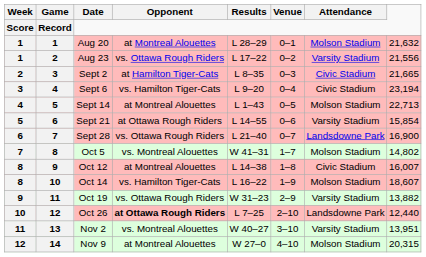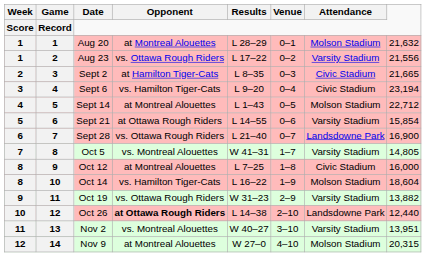 <table class="wikitable" style="text-align:center">
 <tr>
 <th>Week</th>
 <th>Game</th>
 <th>Date</th>
 <th>Opponent</th>
 <th>Results</th>
 <th>Venue</th>
 <th>Attendance</th>
 </tr>
 <tr>
 <th>Score</th>
 <th>Record</th>
 </tr>
 <tr style="background:#ffbbbb">
 <th>1</th>
 <th>1</th>
 <td>Aug 20</td>
 <td>at <a href='#'>Montreal Alouettes</a></td>
 <td>L 28–29</td>
 <td>0–1</td>
 <td><a href='#'>Molson Stadium</a></td>
 <td>21,632</td>
 </tr>
 <tr style="background:#ffbbbb">
 <th>1</th>
 <th>2</th>
 <td>Aug 23</td>
 <td>vs. <a href='#'>Ottawa Rough Riders</a></td>
 <td>L 17–22</td>
 <td>0–2</td>
 <td><a href='#'>Varsity Stadium</a></td>
 <td>21,556</td>
 </tr>
 <tr style="background:#ffbbbb">
 <th>2</th>
 <th>3</th>
 <td>Sept 2</td>
 <td>at <a href='#'>Hamilton Tiger-Cats</a></td>
 <td>L 8–35</td>
 <td>0–3</td>
 <td><a href='#'>Civic Stadium</a></td>
 <td>21,665</td>
 </tr>
 <tr style="background:#ffbbbb">
 <th>3</th>
 <th>4</th>
 <td>Sept 6</td>
 <td>vs. Hamilton Tiger-Cats</td>
 <td>L 9–20</td>
 <td>0–4</td>
 <td>Civic Stadium</td>
 <td>23,194</td>
 </tr>
 <tr style="background:#ffbbbb">
 <th>4</th>
 <th>5</th>
 <td>Sept 14</td>
 <td>at Montreal Alouettes</td>
 <td>L 1–43</td>
 <td>0–5</td>
 <td>Molson Stadium</td>
-<td>22,713</td>
+<td>22,712</td>
 </tr>
 <tr style="background:#ffbbbb">
 <th>5</th>
 <th>6</th>
 <td>Sept 21</td>
 <td>at Ottawa Rough Riders</td>
 <td>L 14–55</td>
 <td>0–6</td>
 <td>Varsity Stadium</td>
 <td>15,854</td>
 </tr>
 <tr style="background:#ffbbbb">
 <th>6</th>
 <th>7</th>
 <td>Sept 28</td>
 <td>vs. Ottawa Rough Riders</td>
 <td>L 21–40</td>
 <td>0–7</td>
 <td><a href='#'>Landsdowne Park</a></td>
 <td>16,900</td>
 </tr>
 <tr style="background:#ddffdd">
 <th>7</th>
 <th>8</th>
 <td>Oct 5</td>
 <td>vs. Montreal Alouettes</td>
 <td>W 41–31</td>
 <td>1–7</td>
-<td>Molson Stadium</td>
-<td>14,802</td>
+<td>Varsity Stadium</td>
+<td>14,805</td>
 </tr>
 <tr style="background:#ffbbbb">
 <th>8</th>
 <th>9</th>
 <td>Oct 12</td>
 <td>at Montreal Alouettes</td>
-<td>L 14–38</td>
+<td>L 7–25</td>
 <td>1–8</td>
 <td>Civic Stadium</td>
-<td>16,007</td>
+<td>16,000</td>
 </tr>
 <tr style="background:#ffbbbb">
 <th>8</th>
 <th>10</th>
 <td>Oct 14</td>
 <td>vs. Hamilton Tiger-Cats</td>
 <td>L 16–22</td>
 <td>1–9</td>
 <td>Molson Stadium</td>
-<td>18,607</td>
+<td>18,604</td>
 </tr>
 <tr style="background:#ddffdd">
 <th>9</th>
 <th>11</th>
 <td>Oct 19</td>
 <td>vs. Ottawa Rough Riders</td>
 <td>W 31–23</td>
 <td>2–9</td>
 <td>Varsity Stadium</td>
 <td>13,882</td>
 </tr>
 <tr style="background:#ffbbbb">
 <th>10</th>
 <th>12</th>
 <td>Oct 26</td>
 <td><strong>at Ottawa Rough Riders</strong></td>
-<td>L 7–25</td>
+<td>L 14–38</td>
 <td>2–10</td>
 <td>Landsdowne Park</td>
 <td>12,440</td>
 </tr>
 <tr style="background:#ddffdd">
 <th>11</th>
 <th>13</th>
 <td>Nov 2</td>
 <td>vs. Montreal Alouettes</td>
 <td>W 40–27</td>
 <td>3–10</td>
 <td>Varsity Stadium</td>
 <td>13,951</td>
 </tr>
 <tr style="background:#ddffdd">
 <th>12</th>
 <th>14</th>
 <td>Nov 9</td>
 <td>at Montreal Alouettes</td>
 <td>W 27–0</td>
 <td>4–10</td>
 <td>Molson Stadium</td>
 <td>20,315</td>
 </tr>
 </table>
